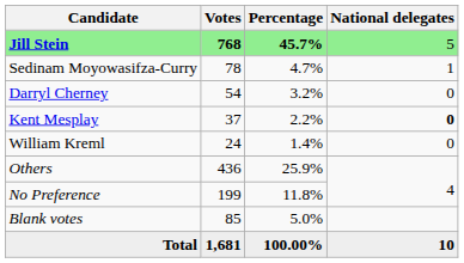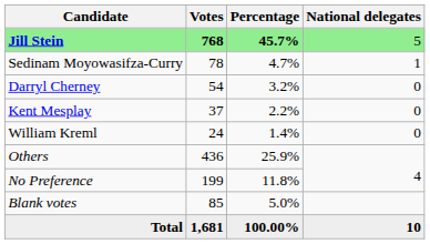 <table class="wikitable" style="text-align:right;">
 <tr>
 <th>Candidate</th>
 <th>Votes</th>
 <th>Percentage</th>
 <th>National delegates</th>
 </tr>
 <tr style="background:lightgreen;">
 <td style="text-align:left;"><strong><a href='#'>Jill Stein</a></strong></td>
 <td><strong>768</strong></td>
 <td><strong>45.7%</strong></td>
 <td>5</td>
 </tr>
 <tr>
 <td style="text-align:left;">Sedinam Moyowasifza-Curry</td>
 <td>78</td>
 <td>4.7%</td>
 <td>1</td>
 </tr>
 <tr>
 <td style="text-align:left;"><a href='#'>Darryl Cherney</a></td>
 <td>54</td>
 <td>3.2%</td>
 <td>0</td>
 </tr>
 <tr>
 <td style="text-align:left;"><a href='#'>Kent Mesplay</a></td>
 <td>37</td>
 <td>2.2%</td>
-<td><strong>0</strong></td>
+<td>0</td>
 </tr>
 <tr>
 <td style="text-align:left;">William Kreml</td>
 <td>24</td>
 <td>1.4%</td>
 <td>0</td>
 </tr>
 <tr>
 <td style="text-align:left;"><em>Others</em></td>
 <td>436</td>
 <td>25.9%</td>
 <td rowspan="2"><br>4</td>
 </tr>
 <tr>
 <td style="text-align:left;"><em>No Preference</em></td>
 <td>199</td>
 <td>11.8%</td>
 </tr>
 <tr>
 <td style="text-align:left;"><em>Blank votes</em></td>
 <td>85</td>
 <td>5.0%</td>
 <td></td>
 </tr>
 <tr style="background:#eee;">
 <td style="margin-right:0.50px"><strong>Total</strong></td>
 <td style="margin-right:0.50px"><strong>1,681</strong></td>
 <td style="margin-right:0.50px"><strong>100.00%</strong></td>
 <td style="margin-right:0.50px"><strong>10</strong></td>
 </tr>
 </table>
